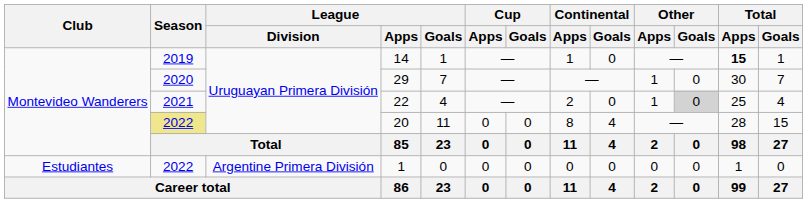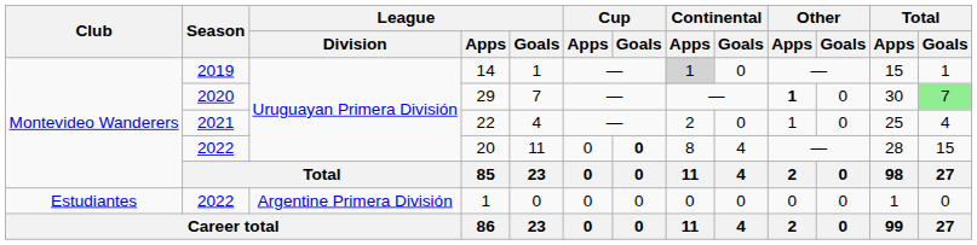 <table class="wikitable" Style="text-align: center">
 <tr>
 <th rowspan="2">Club</th>
 <th rowspan="2">Season</th>
 <th colspan="3">League</th>
 <th colspan="2">Cup</th>
 <th colspan="2">Continental</th>
 <th colspan="2">Other</th>
 <th colspan="2">Total</th>
 </tr>
 <tr>
 <th>Division</th>
 <th>Apps</th>
 <th>Goals</th>
 <th>Apps</th>
 <th>Goals</th>
 <th>Apps</th>
 <th>Goals</th>
 <th>Apps</th>
 <th>Goals</th>
 <th>Apps</th>
 <th>Goals</th>
 </tr>
 <tr>
 <td rowspan="5"><a href='#'>Montevideo Wanderers</a></td>
 <td><a href='#'>2019</a></td>
 <td rowspan="4"><a href='#'>Uruguayan Primera División</a></td>
 <td>14</td>
 <td>1</td>
 <td colspan="2">—</td>
-<td>1</td>
+<td style="background: lightgrey;">1</td>
 <td>0</td>
 <td colspan="2">—</td>
-<td><strong>15</strong></td>
+<td>15</td>
 <td>1</td>
 </tr>
 <tr>
 <td><a href='#'>2020</a></td>
 <td>29</td>
 <td>7</td>
 <td colspan="2">—</td>
 <td colspan="2">—</td>
-<td>1</td>
+<td><strong>1</strong></td>
 <td>0</td>
 <td>30</td>
-<td>7</td>
+<td style="background: lightgreen;">7</td>
 </tr>
 <tr>
 <td><a href='#'>2021</a></td>
 <td>22</td>
 <td>4</td>
 <td colspan="2">—</td>
 <td>2</td>
 <td>0</td>
 <td>1</td>
-<td style="background: lightgrey;">0</td>
+<td>0</td>
 <td>25</td>
 <td>4</td>
 </tr>
 <tr>
-<td style="background: khaki;"><a href='#'>2022</a></td>
+<td><a href='#'>2022</a></td>
 <td>20</td>
 <td>11</td>
 <td>0</td>
-<td>0</td>
+<td><strong>0</strong></td>
 <td>8</td>
 <td>4</td>
 <td colspan="2">—</td>
 <td>28</td>
 <td>15</td>
 </tr>
 <tr>
 <th colspan="2">Total</th>
 <th>85</th>
 <th>23</th>
 <th>0</th>
 <th>0</th>
 <th>11</th>
 <th>4</th>
 <th>2</th>
 <th>0</th>
 <th>98</th>
 <th>27</th>
 </tr>
 <tr>
 <td><a href='#'>Estudiantes</a></td>
 <td><a href='#'>2022</a></td>
 <td><a href='#'>Argentine Primera División</a></td>
 <td>1</td>
 <td>0</td>
 <td>0</td>
 <td>0</td>
 <td>0</td>
 <td>0</td>
 <td>0</td>
 <td>0</td>
 <td>1</td>
 <td>0</td>
 </tr>
 <tr>
 <th colspan="3">Career total</th>
 <th>86</th>
 <th>23</th>
 <th>0</th>
 <th>0</th>
 <th>11</th>
 <th>4</th>
 <th>2</th>
 <th>0</th>
 <th>99</th>
 <th>27</th>
 </tr>
 </table>
